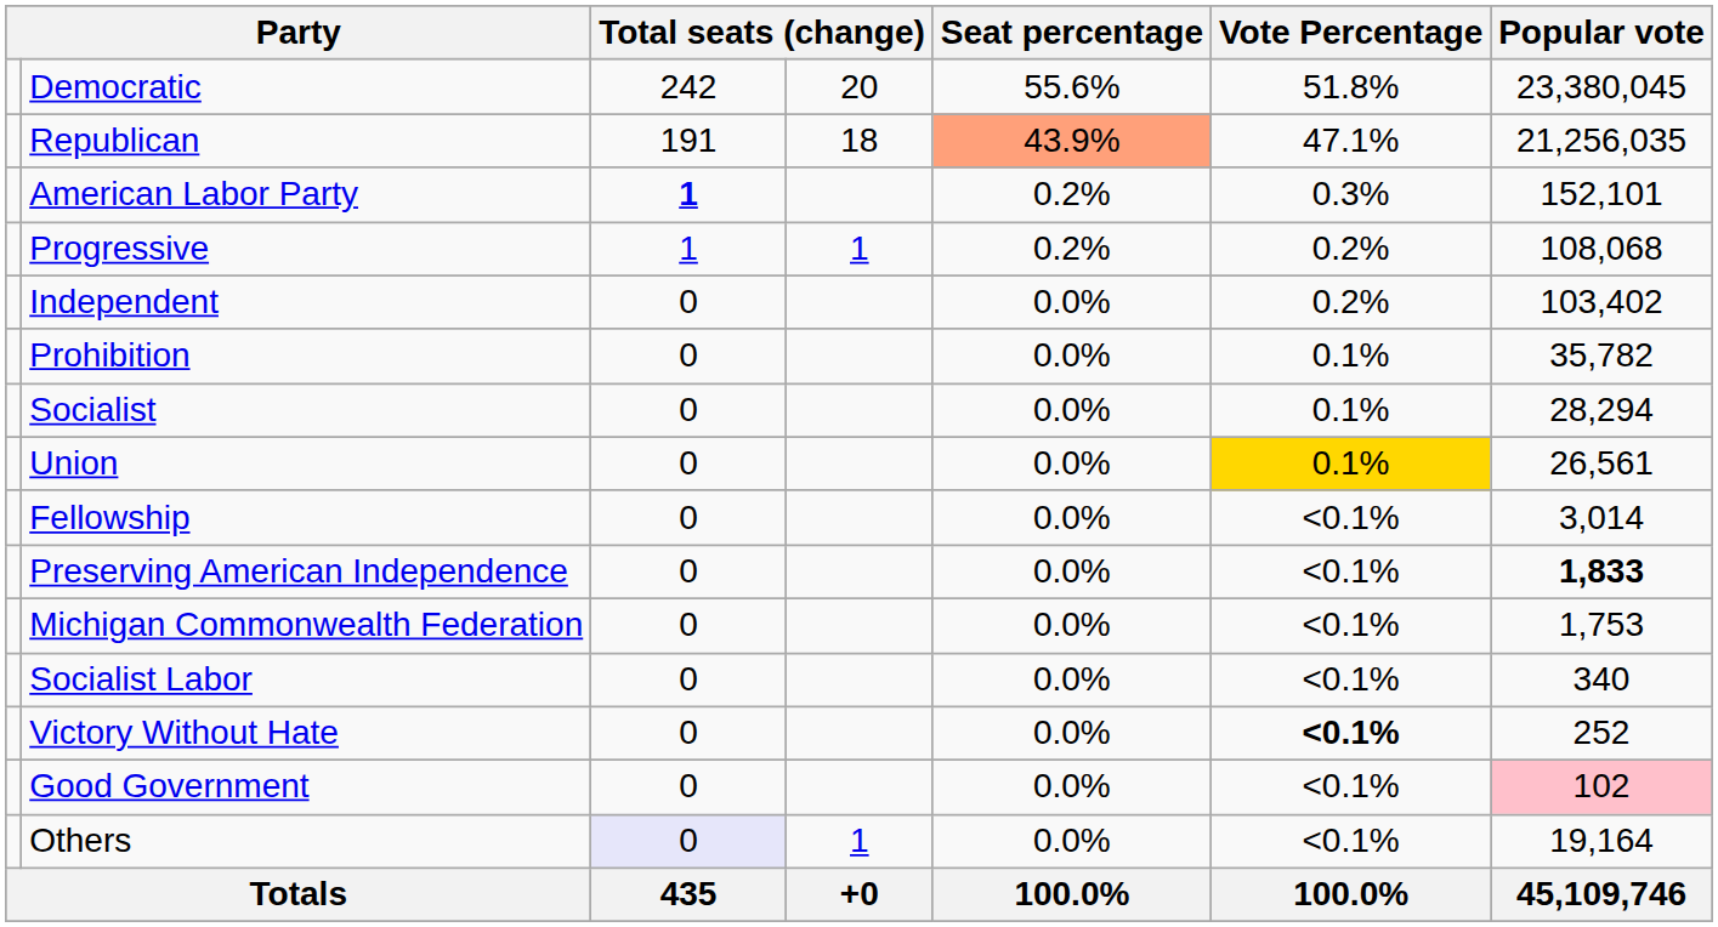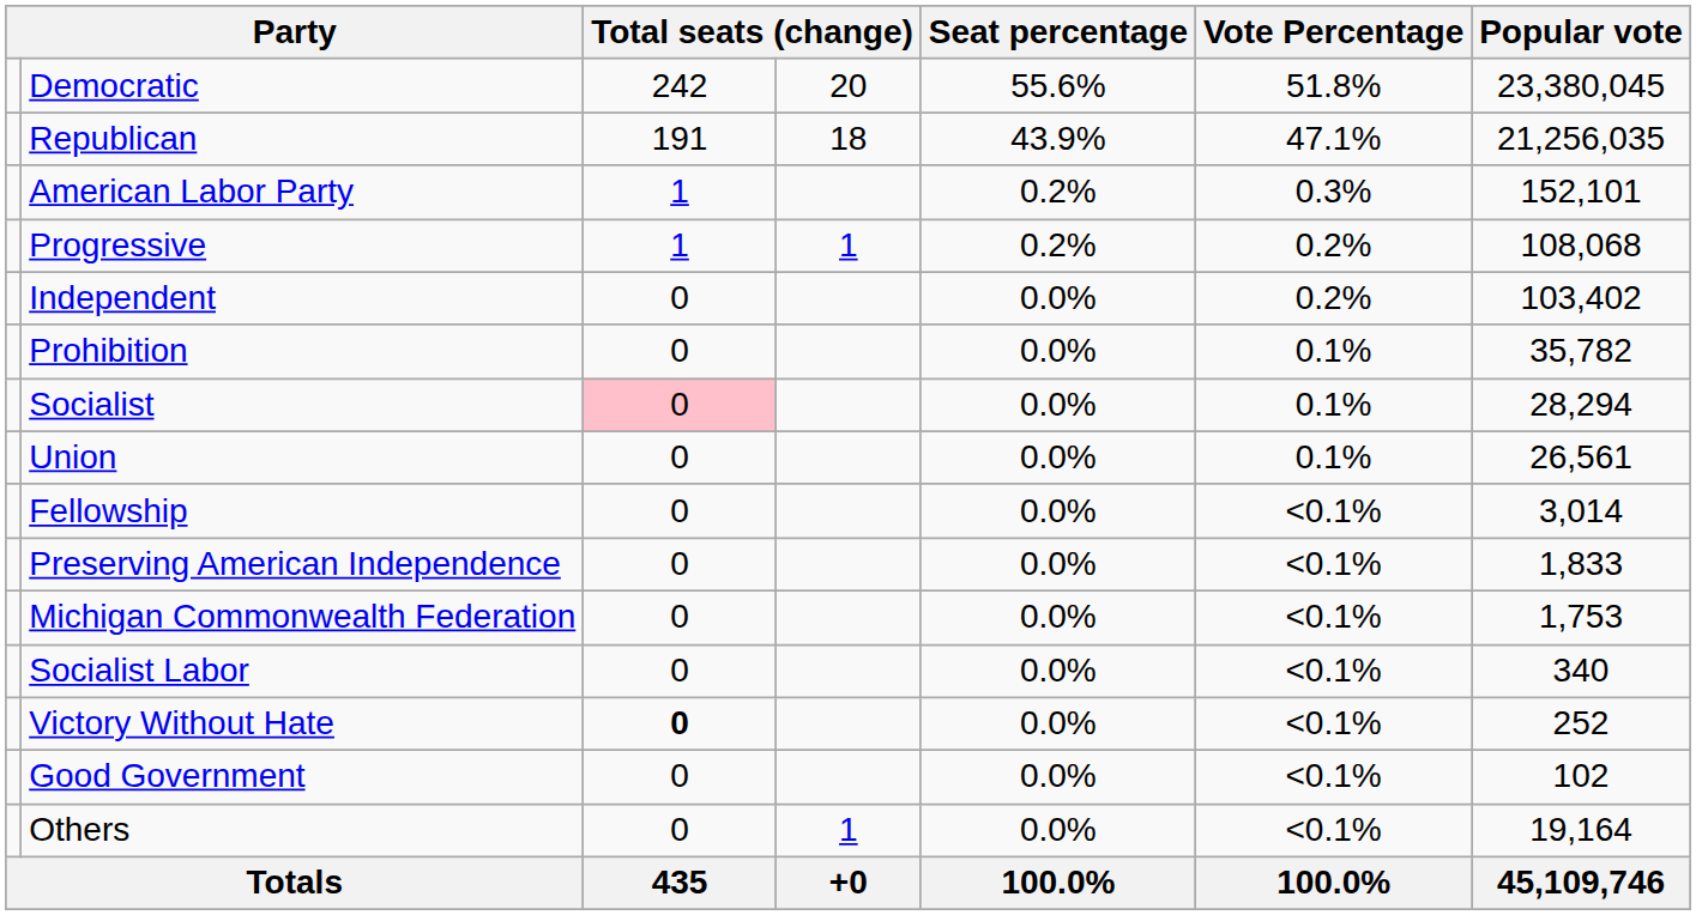 <table class="wikitable" style="text-align:center">
 <tr style="background:lightgrey">
 <th colspan=2>Party</th>
 <th colspan=2>Total seats (change)</th>
 <th>Seat percentage</th>
 <th>Vote Percentage</th>
 <th>Popular vote</th>
 </tr>
 <tr>
 <td></td>
 <td align=left><a href='#'>Democratic</a></td>
 <td>242</td>
 <td>20</td>
 <td>55.6%</td>
 <td>51.8%</td>
 <td>23,380,045</td>
 </tr>
 <tr>
 <td></td>
 <td align=left><a href='#'>Republican</a></td>
 <td>191</td>
 <td>18</td>
-<td style="background: lightsalmon;">43.9%</td>
+<td>43.9%</td>
 <td>47.1%</td>
 <td>21,256,035</td>
 </tr>
 <tr>
 <td></td>
 <td align=left><a href='#'>American Labor Party</a></td>
-<td><strong><a href='#'>1</a></strong></td>
+<td><a href='#'>1</a></td>
 <td></td>
 <td>0.2%</td>
 <td>0.3%</td>
 <td>152,101</td>
 </tr>
 <tr>
 <td></td>
 <td align=left><a href='#'>Progressive</a></td>
 <td><a href='#'>1</a></td>
 <td><a href='#'>1</a></td>
 <td>0.2%</td>
 <td>0.2%</td>
 <td>108,068</td>
 </tr>
 <tr>
 <td></td>
 <td align=left><a href='#'>Independent</a></td>
 <td>0</td>
 <td></td>
 <td>0.0%</td>
 <td>0.2%</td>
 <td>103,402</td>
 </tr>
 <tr>
 <td></td>
 <td align=left><a href='#'>Prohibition</a></td>
 <td>0</td>
 <td></td>
 <td>0.0%</td>
 <td>0.1%</td>
 <td>35,782</td>
 </tr>
 <tr>
 <td></td>
 <td align=left><a href='#'>Socialist</a></td>
-<td>0</td>
+<td style="background: pink;">0</td>
 <td></td>
 <td>0.0%</td>
 <td>0.1%</td>
 <td>28,294</td>
 </tr>
 <tr>
 <td></td>
 <td align=left><a href='#'>Union</a></td>
 <td>0</td>
 <td></td>
 <td>0.0%</td>
-<td style="background: gold;">0.1%</td>
+<td>0.1%</td>
 <td>26,561</td>
 </tr>
 <tr>
 <td></td>
 <td align=left><a href='#'>Fellowship</a></td>
 <td>0</td>
 <td></td>
 <td>0.0%</td>
 <td><0.1%</td>
 <td>3,014</td>
 </tr>
 <tr>
 <td></td>
 <td align=left><a href='#'>Preserving American Independence</a></td>
 <td>0</td>
 <td></td>
 <td>0.0%</td>
 <td><0.1%</td>
-<td><strong>1,833</strong></td>
+<td>1,833</td>
 </tr>
 <tr>
 <td></td>
 <td align=left><a href='#'>Michigan Commonwealth Federation</a></td>
 <td>0</td>
 <td></td>
 <td>0.0%</td>
 <td><0.1%</td>
 <td>1,753</td>
 </tr>
 <tr>
 <td></td>
 <td align=left><a href='#'>Socialist Labor</a></td>
 <td>0</td>
 <td></td>
 <td>0.0%</td>
 <td><0.1%</td>
 <td>340</td>
 </tr>
 <tr>
 <td></td>
 <td align=left><a href='#'>Victory Without Hate</a></td>
-<td>0</td>
+<td><strong>0</strong></td>
 <td></td>
 <td>0.0%</td>
-<td><strong><0.1%</strong></td>
+<td><0.1%</td>
 <td>252</td>
 </tr>
 <tr>
 <td></td>
 <td align=left><a href='#'>Good Government</a></td>
 <td>0</td>
 <td></td>
 <td>0.0%</td>
 <td><0.1%</td>
-<td style="background: pink;">102</td>
+<td>102</td>
 </tr>
 <tr>
 <td></td>
 <td align=left>Others</td>
-<td style="background: lavender;">0</td>
+<td>0</td>
 <td><a href='#'>1</a></td>
 <td>0.0%</td>
 <td><0.1%</td>
 <td>19,164</td>
 </tr>
 <tr>
 <th colspan=2>Totals</th>
 <th>435</th>
 <th>+0</th>
 <th>100.0%</th>
 <th>100.0%</th>
 <th>45,109,746</th>
 </tr>
 </table>
